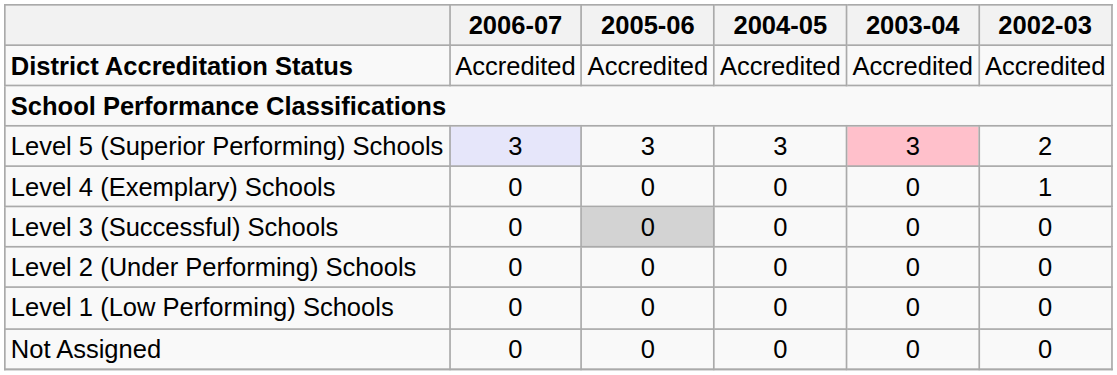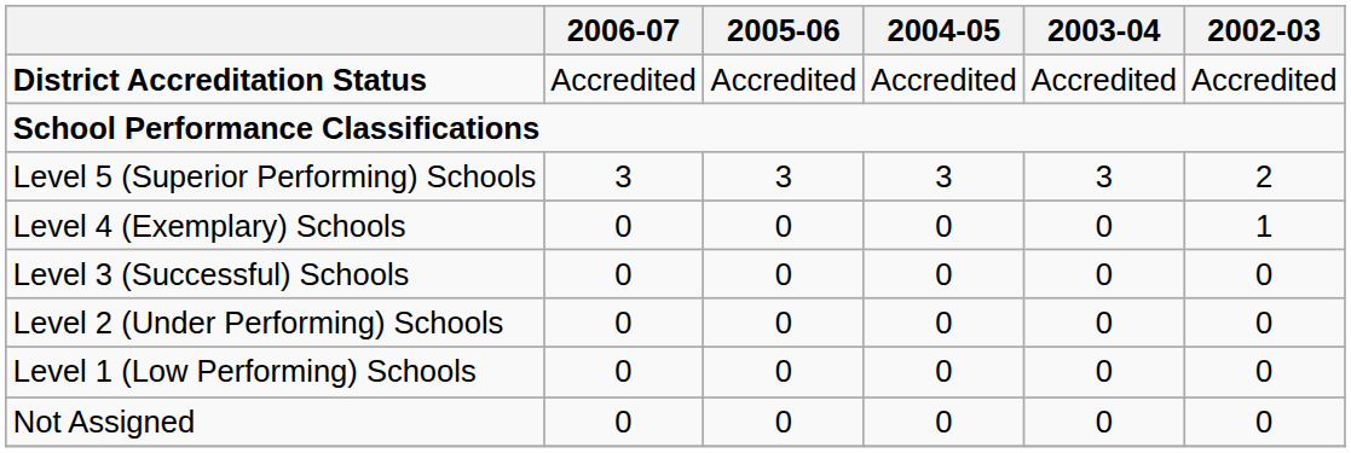 <table class="wikitable" style="font-size: 95%;">
 <tr>
 <th></th>
 <th>2006-07</th>
 <th>2005-06</th>
 <th>2004-05</th>
 <th>2003-04</th>
 <th>2002-03</th>
 </tr>
 <tr>
 <td align="left"><strong>District Accreditation Status</strong></td>
 <td align="center">Accredited</td>
 <td align="center">Accredited</td>
 <td align="center">Accredited</td>
 <td align="center">Accredited</td>
 <td align="center">Accredited</td>
 </tr>
 <tr>
 <td align="left" colspan="6"><strong>School Performance Classifications</strong></td>
 </tr>
 <tr>
 <td align="left">Level 5 (Superior Performing) Schools</td>
-<td align="center" style="background: lavender;">3</td>
 <td align="center">3</td>
 <td align="center">3</td>
-<td align="center" style="background: pink;">3</td>
+<td align="center">3</td>
+<td align="center">3</td>
 <td align="center">2</td>
 </tr>
 <tr>
 <td align="left">Level 4 (Exemplary) Schools</td>
 <td align="center">0</td>
 <td align="center">0</td>
 <td align="center">0</td>
 <td align="center">0</td>
 <td align="center">1</td>
 </tr>
 <tr>
 <td align="left">Level 3 (Successful) Schools</td>
 <td align="center">0</td>
-<td align="center" style="background: lightgrey;">0</td>
+<td align="center">0</td>
 <td align="center">0</td>
 <td align="center">0</td>
 <td align="center">0</td>
 </tr>
 <tr>
 <td align="left">Level 2 (Under Performing) Schools</td>
 <td align="center">0</td>
 <td align="center">0</td>
 <td align="center">0</td>
 <td align="center">0</td>
 <td align="center">0</td>
 </tr>
 <tr>
 <td align="left">Level 1 (Low Performing) Schools</td>
 <td align="center">0</td>
 <td align="center">0</td>
 <td align="center">0</td>
 <td align="center">0</td>
 <td align="center">0</td>
 </tr>
 <tr>
 <td align="left">Not Assigned</td>
 <td align="center">0</td>
 <td align="center">0</td>
 <td align="center">0</td>
 <td align="center">0</td>
 <td align="center">0</td>
 </tr>
 <tr>
 </tr>
 </table>
